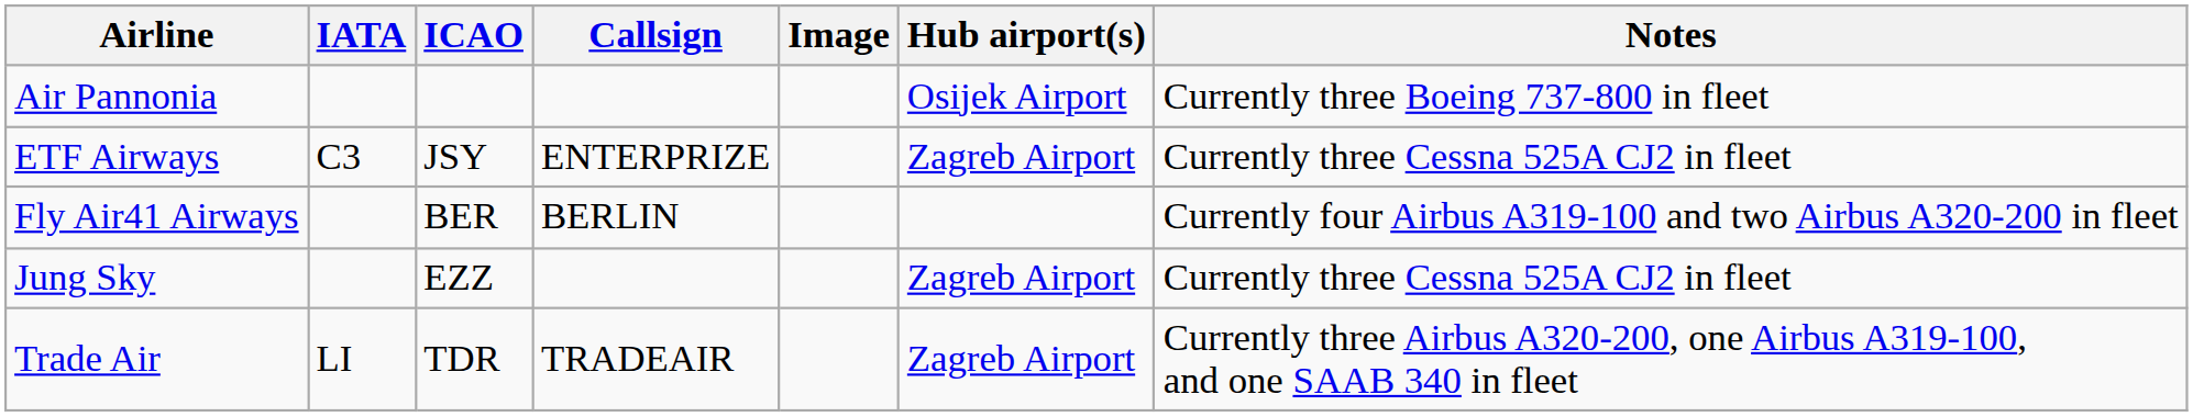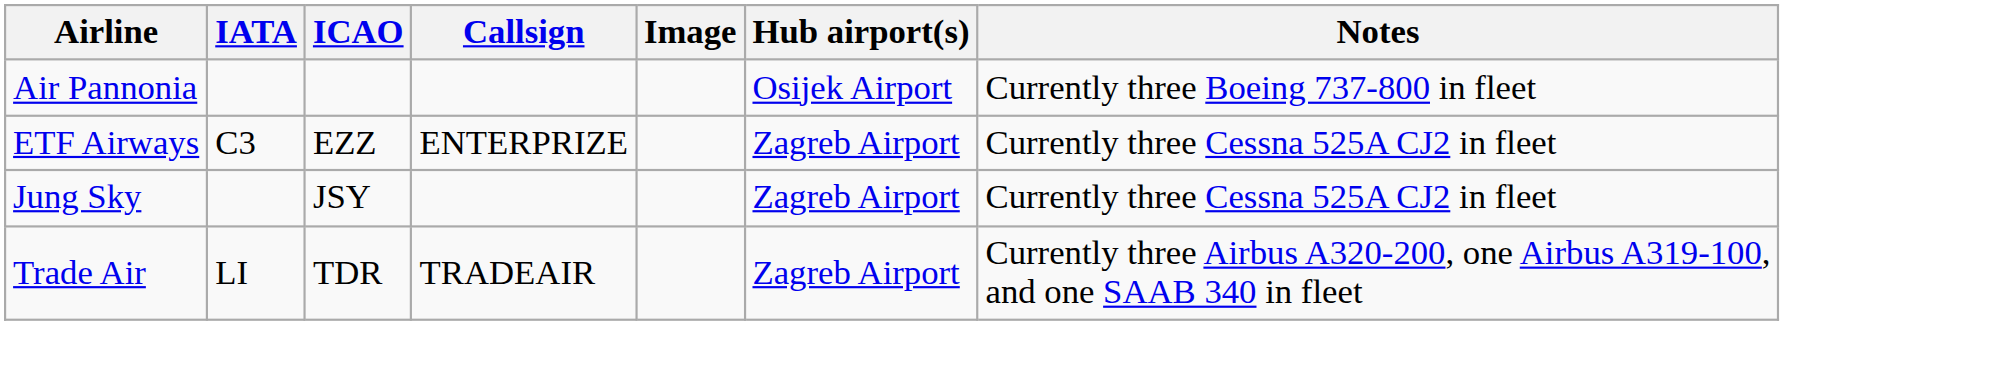 <table class="wikitable sortable" style="border: 0; cellpadding: 2; cellspacing: 3;">
 <tr valign="middle">
 <th>Airline</th>
 <th><a href='#'>IATA</a></th>
 <th><a href='#'>ICAO</a></th>
 <th><a href='#'>Callsign</a></th>
 <th>Image</th>
 <th>Hub airport(s)</th>
 <th class="unsortable">Notes</th>
 </tr>
 <tr>
 <td><a href='#'>Air Pannonia</a></td>
 <td></td>
 <td></td>
 <td></td>
 <td></td>
 <td><a href='#'>Osijek Airport</a></td>
 <td>Currently three <a href='#'>Boeing 737-800</a> in fleet</td>
 </tr>
 <tr>
 <td><a href='#'>ETF Airways</a></td>
 <td>C3</td>
-<td>JSY</td>
+<td>EZZ</td>
 <td>ENTERPRIZE</td>
 <td></td>
 <td><a href='#'>Zagreb Airport</a></td>
 <td>Currently three <a href='#'>Cessna 525A CJ2</a> in fleet</td>
 </tr>
 <tr>
-<td><a href='#'>Fly Air41 Airways</a></td>
-<td></td>
-<td>BER</td>
-<td>BERLIN</td>
-<td></td>
-<td></td>
-<td>Currently four <a href='#'>Airbus A319-100</a> and two <a href='#'>Airbus A320-200</a> in fleet</td>
-</tr>
-<tr>
 <td><a href='#'>Jung Sky</a></td>
 <td></td>
-<td>EZZ</td>
+<td>JSY</td>
 <td></td>
 <td></td>
 <td><a href='#'>Zagreb Airport</a></td>
 <td>Currently three <a href='#'>Cessna 525A CJ2</a> in fleet</td>
 </tr>
 <tr>
 <td><a href='#'>Trade Air</a></td>
 <td>LI</td>
 <td>TDR</td>
 <td>TRADEAIR</td>
 <td></td>
 <td><a href='#'>Zagreb Airport</a></td>
 <td>Currently three <a href='#'>Airbus A320-200</a>, one <a href='#'>Airbus A319-100</a>,<br>and one <a href='#'>SAAB 340</a> in fleet</td>
 </tr>
 </table>
